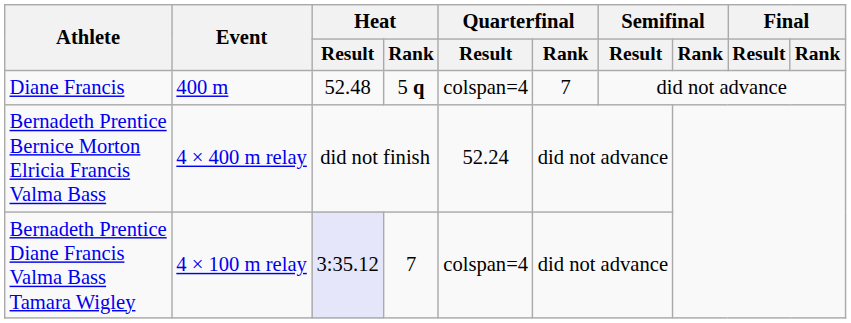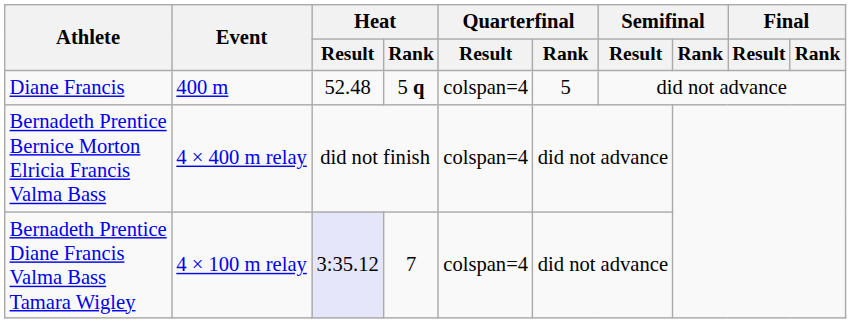 <table class="wikitable" style="font-size:90%">
 <tr>
 <th rowspan="2">Athlete</th>
 <th rowspan="2">Event</th>
 <th colspan="2">Heat</th>
 <th colspan="2">Quarterfinal</th>
 <th colspan="2">Semifinal</th>
 <th colspan="2">Final</th>
 </tr>
 <tr style="font-size:95%">
 <th>Result</th>
 <th>Rank</th>
 <th>Result</th>
 <th>Rank</th>
 <th>Result</th>
 <th>Rank</th>
 <th>Result</th>
 <th>Rank</th>
 </tr>
 <tr align=center>
 <td align=left><a href='#'>Diane Francis</a></td>
 <td align=left><a href='#'>400 m</a></td>
 <td>52.48</td>
 <td>5 <strong>q</strong></td>
 <td>colspan=4 </td>
-<td>7</td>
+<td>5</td>
 <td colspan=4>did not advance</td>
 </tr>
 <tr align=center>
 <td align=left><a href='#'>Bernadeth Prentice</a><br><a href='#'>Bernice Morton</a><br><a href='#'>Elricia Francis</a><br><a href='#'>Valma Bass</a></td>
 <td align=left><a href='#'>4 × 400 m relay</a></td>
 <td colspan=2>did not finish</td>
-<td>52.24</td>
+<td>colspan=4 </td>
 <td colspan=2>did not advance</td>
 </tr>
 <tr align=center>
 <td align=left><a href='#'>Bernadeth Prentice</a><br><a href='#'>Diane Francis</a><br><a href='#'>Valma Bass</a><br><a href='#'>Tamara Wigley</a></td>
 <td align=left><a href='#'>4 × 100 m relay</a></td>
 <td style="background: lavender;">3:35.12</td>
 <td>7</td>
 <td>colspan=4 </td>
 <td colspan=2>did not advance</td>
 </tr>
 </table>
